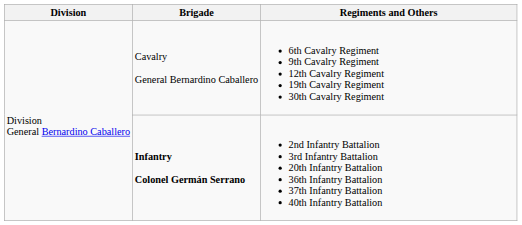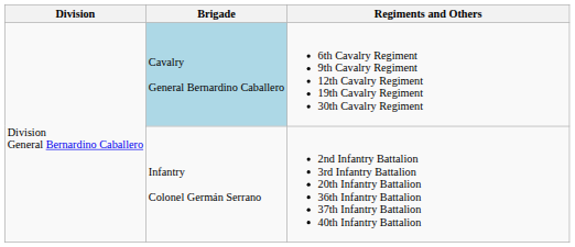 <table class="wikitable">
 <tr>
 <th style="width:25%;">Division</th>
 <th style="width:25%;">Brigade</th>
 <th>Regiments and Others</th>
 </tr>
 <tr>
 <td rowspan=2><br>Division <br> General <a href='#'>Bernardino Caballero</a></td>
-<td>Cavalry<br><br> General Bernardino Caballero</td>
+<td style="background: lightblue;">Cavalry<br><br> General Bernardino Caballero</td>
 <td><br><ul><li>6th Cavalry Regiment</li><li>9th Cavalry Regiment</li><li>12th Cavalry Regiment</li><li>19th Cavalry Regiment</li><li>30th Cavalry Regiment</li></ul></td>
 </tr>
 <tr>
-<td><strong>Infantry<br><br> Colonel Germán Serrano</strong></td>
+<td>Infantry<br><br> Colonel Germán Serrano</td>
 <td><br><ul><li>2nd Infantry Battalion</li><li>3rd Infantry Battalion</li><li>20th Infantry Battalion</li><li>36th Infantry Battalion</li><li>37th Infantry Battalion</li><li>40th Infantry Battalion</li></ul></td>
 </tr>
 </table>
